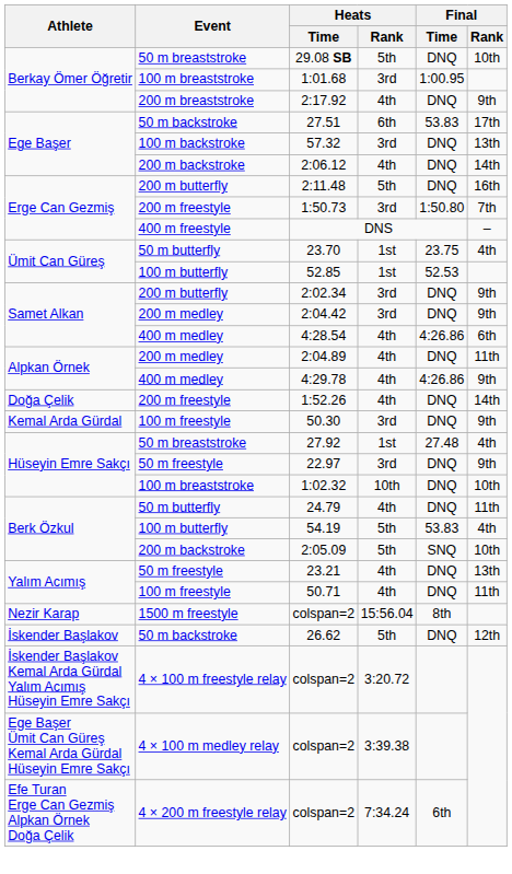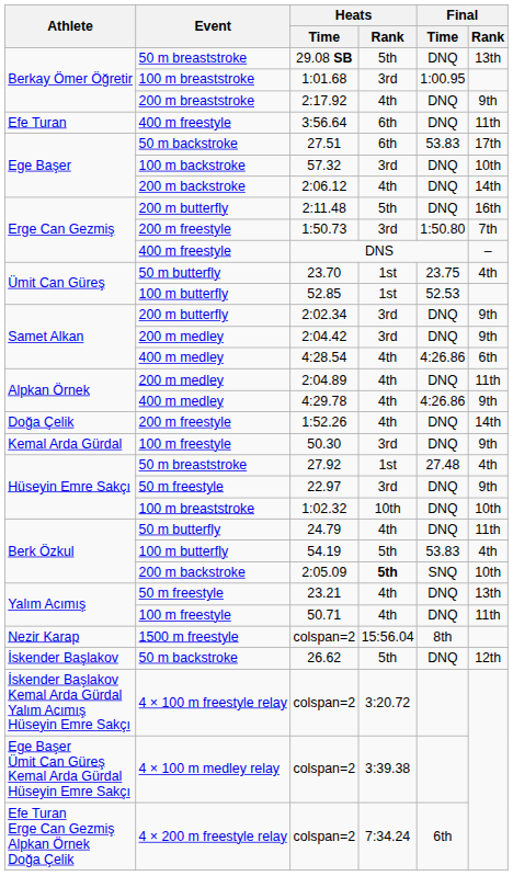 <table class=wikitable>
 <tr>
 <th rowspan="2">Athlete</th>
 <th rowspan="2">Event</th>
 <th colspan="2">Heats</th>
 <th colspan="2">Final</th>
 </tr>
 <tr>
 <th>Time</th>
 <th>Rank</th>
 <th>Time</th>
 <th>Rank</th>
 </tr>
 <tr align=center>
 <td align=left rowspan=3><a href='#'>Berkay Ömer Öğretir</a></td>
 <td align=left><a href='#'>50 m breaststroke</a></td>
 <td>29.08 <strong>SB</strong></td>
 <td>5th</td>
 <td>DNQ</td>
-<td>10th</td>
+<td>13th</td>
 </tr>
 <tr align=center>
 <td align=left><a href='#'>100 m breaststroke</a></td>
 <td>1:01.68</td>
 <td>3rd</td>
 <td>1:00.95</td>
 <td></td>
 </tr>
 <tr align=center>
 <td align=left><a href='#'>200 m breaststroke</a></td>
 <td>2:17.92</td>
 <td>4th</td>
 <td>DNQ</td>
 <td>9th</td>
 </tr>
 <tr align=center>
+<td align=left><a href='#'>Efe Turan</a></td>
+<td align=left><a href='#'>400 m freestyle</a></td>
+<td>3:56.64</td>
+<td>6th</td>
+<td>DNQ</td>
+<td>11th</td>
+</tr>
+<tr align=center>
 <td align=left rowspan=3><a href='#'>Ege Başer</a></td>
 <td align=left><a href='#'>50 m backstroke</a></td>
 <td>27.51</td>
 <td>6th</td>
 <td>53.83</td>
 <td>17th</td>
 </tr>
 <tr align=center>
 <td align=left><a href='#'>100 m backstroke</a></td>
 <td>57.32</td>
 <td>3rd</td>
 <td>DNQ</td>
-<td>13th</td>
+<td>10th</td>
 </tr>
 <tr align=center>
 <td align=left><a href='#'>200 m backstroke</a></td>
 <td>2:06.12</td>
 <td>4th</td>
 <td>DNQ</td>
 <td>14th</td>
 </tr>
 <tr align=center>
 <td align=left rowspan=3><a href='#'>Erge Can Gezmiş</a></td>
 <td align=left><a href='#'>200 m butterfly</a></td>
 <td>2:11.48</td>
 <td>5th</td>
 <td>DNQ</td>
 <td>16th</td>
 </tr>
 <tr align=center>
 <td align=left><a href='#'>200 m freestyle</a></td>
 <td>1:50.73</td>
 <td>3rd</td>
 <td>1:50.80</td>
 <td>7th</td>
 </tr>
 <tr align=center>
 <td align=left><a href='#'>400 m freestyle</a></td>
 <td colspan=3>DNS</td>
 <td>–</td>
 </tr>
 <tr align=center>
 <td align=left rowspan=2><a href='#'>Ümit Can Güreş</a></td>
 <td align=left><a href='#'>50 m butterfly</a></td>
 <td>23.70</td>
 <td>1st</td>
 <td>23.75</td>
 <td>4th</td>
 </tr>
 <tr align=center>
 <td align=left><a href='#'>100 m butterfly</a></td>
 <td>52.85</td>
 <td>1st</td>
 <td>52.53</td>
 <td></td>
 </tr>
 <tr align=center>
 <td align=left rowspan=3><a href='#'>Samet Alkan</a></td>
 <td align=left><a href='#'>200 m butterfly</a></td>
 <td>2:02.34</td>
 <td>3rd</td>
 <td>DNQ</td>
 <td>9th</td>
 </tr>
 <tr align=center>
 <td align=left><a href='#'>200 m medley</a></td>
 <td>2:04.42</td>
 <td>3rd</td>
 <td>DNQ</td>
 <td>9th</td>
 </tr>
 <tr align=center>
 <td align=left><a href='#'>400 m medley</a></td>
 <td>4:28.54</td>
 <td>4th</td>
 <td>4:26.86</td>
 <td>6th</td>
 </tr>
 <tr align=center>
 <td align=left rowspan=2><a href='#'>Alpkan Örnek</a></td>
 <td align=left><a href='#'>200 m medley</a></td>
 <td>2:04.89</td>
 <td>4th</td>
 <td>DNQ</td>
 <td>11th</td>
 </tr>
 <tr align=center>
 <td align=left><a href='#'>400 m medley</a></td>
 <td>4:29.78</td>
 <td>4th</td>
 <td>4:26.86</td>
 <td>9th</td>
 </tr>
 <tr align=center>
 <td align=left><a href='#'>Doğa Çelik</a></td>
 <td align=left><a href='#'>200 m freestyle</a></td>
 <td>1:52.26</td>
 <td>4th</td>
 <td>DNQ</td>
 <td>14th</td>
 </tr>
 <tr align=center>
 <td align=left><a href='#'>Kemal Arda Gürdal</a></td>
 <td align=left><a href='#'>100 m freestyle</a></td>
 <td>50.30</td>
 <td>3rd</td>
 <td>DNQ</td>
 <td>9th</td>
 </tr>
 <tr align=center>
 <td align=left rowspan=3><a href='#'>Hüseyin Emre Sakçı</a></td>
 <td align=left><a href='#'>50 m breaststroke</a></td>
 <td>27.92</td>
 <td>1st</td>
 <td>27.48</td>
 <td>4th</td>
 </tr>
 <tr align=center>
 <td align=left><a href='#'>50 m freestyle</a></td>
 <td>22.97</td>
 <td>3rd</td>
 <td>DNQ</td>
 <td>9th</td>
 </tr>
 <tr align=center>
 <td align=left><a href='#'>100 m breaststroke</a></td>
 <td>1:02.32</td>
 <td>10th</td>
 <td>DNQ</td>
 <td>10th</td>
 </tr>
 <tr align=center>
 <td align=left rowspan=3><a href='#'>Berk Özkul</a></td>
 <td align=left><a href='#'>50 m butterfly</a></td>
 <td>24.79</td>
 <td>4th</td>
 <td>DNQ</td>
 <td>11th</td>
 </tr>
 <tr align=center>
 <td align=left><a href='#'>100 m butterfly</a></td>
 <td>54.19</td>
 <td>5th</td>
 <td>53.83</td>
 <td>4th</td>
 </tr>
 <tr align=center>
 <td align=left><a href='#'>200 m backstroke</a></td>
 <td>2:05.09</td>
-<td>5th</td>
+<td><strong>5th</strong></td>
 <td>SNQ</td>
 <td>10th</td>
 </tr>
 <tr align=center>
 <td align=left rowspan=2><a href='#'>Yalım Acımış</a></td>
 <td align=left><a href='#'>50 m freestyle</a></td>
 <td>23.21</td>
 <td>4th</td>
 <td>DNQ</td>
 <td>13th</td>
 </tr>
 <tr align=center>
 <td align=left><a href='#'>100 m freestyle</a></td>
 <td>50.71</td>
 <td>4th</td>
 <td>DNQ</td>
 <td>11th</td>
 </tr>
 <tr align=center>
 <td align=left><a href='#'>Nezir Karap</a></td>
 <td align=left><a href='#'>1500 m freestyle</a></td>
 <td>colspan=2 </td>
 <td>15:56.04</td>
 <td>8th</td>
 </tr>
 <tr align=center>
 <td align=left><a href='#'>İskender Başlakov</a></td>
 <td align=left><a href='#'>50 m backstroke</a></td>
 <td>26.62</td>
 <td>5th</td>
 <td>DNQ</td>
 <td>12th</td>
 </tr>
 <tr align=center>
 <td align=left><a href='#'>İskender Başlakov</a><br><a href='#'>Kemal Arda Gürdal</a><br><a href='#'>Yalım Acımış</a><br><a href='#'>Hüseyin Emre Sakçı</a></td>
 <td align=left><a href='#'>4 × 100 m freestyle relay</a></td>
 <td>colspan=2 </td>
 <td>3:20.72</td>
 <td></td>
 </tr>
 <tr align=center>
 <td align=left><a href='#'>Ege Başer</a><br><a href='#'>Ümit Can Güreş</a><br><a href='#'>Kemal Arda Gürdal</a><br><a href='#'>Hüseyin Emre Sakçı</a></td>
 <td align=left><a href='#'>4 × 100 m medley relay</a></td>
 <td>colspan=2 </td>
 <td>3:39.38</td>
 <td></td>
 </tr>
 <tr align=center>
 <td align=left><a href='#'>Efe Turan</a><br><a href='#'>Erge Can Gezmiş</a><br><a href='#'>Alpkan Örnek</a><br><a href='#'>Doğa Çelik</a></td>
 <td align=left><a href='#'>4 × 200 m freestyle relay</a></td>
 <td>colspan=2 </td>
 <td>7:34.24</td>
 <td>6th</td>
 </tr>
 </table>
